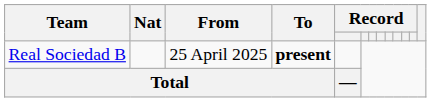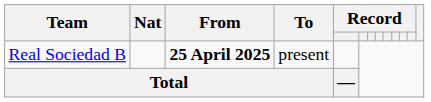 <table class="wikitable" style="text-align: center">
 <tr>
 <th rowspan="2">Team</th>
 <th rowspan="2">Nat</th>
 <th rowspan="2">From</th>
 <th rowspan="2">To</th>
 <th colspan="8">Record</th>
 <th rowspan=2></th>
 </tr>
 <tr>
 <th></th>
 <th></th>
 <th></th>
 <th></th>
 <th></th>
 <th></th>
 <th></th>
 <th></th>
 </tr>
 <tr>
 <td align="left"><a href='#'>Real Sociedad B</a></td>
 <td align="center"></td>
-<td align="center">25 April 2025</td>
-<td align="center"><strong>present<br></strong></td>
+<td align="center"><strong>25 April 2025</strong></td>
+<td align="center">present<br></td>
 <td></td>
 </tr>
 <tr>
 <th colspan="4">Total<br></th>
 <th>—</th>
 </tr>
 </table>
